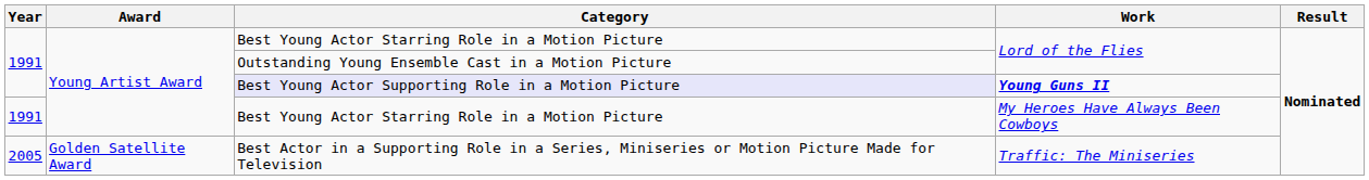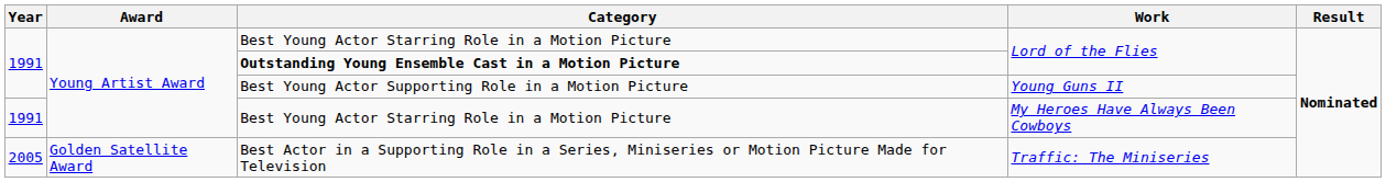 <table class="wikitable">
 <tr>
 <th>Year</th>
 <th>Award</th>
 <th>Category</th>
 <th>Work</th>
 <th>Result</th>
 </tr>
 <tr>
 <td rowspan=3><a href='#'>1991</a></td>
 <td rowspan=4><a href='#'>Young Artist Award</a></td>
 <td>Best Young Actor Starring Role in a Motion Picture</td>
 <td rowspan=2><em><a href='#'>Lord of the Flies</a></em></td>
 <td rowspan=5><strong>Nominated</strong></td>
 </tr>
 <tr>
-<td>Outstanding Young Ensemble Cast in a Motion Picture</td>
+<td><strong>Outstanding Young Ensemble Cast in a Motion Picture</strong></td>
 </tr>
 <tr>
-<td style="background: lavender;">Best Young Actor Supporting Role in a Motion Picture</td>
-<td><strong><em><a href='#'>Young Guns II</a></em></strong></td>
+<td>Best Young Actor Supporting Role in a Motion Picture</td>
+<td><em><a href='#'>Young Guns II</a></em></td>
 </tr>
 <tr>
 <td><a href='#'>1991</a></td>
 <td>Best Young Actor Starring Role in a Motion Picture</td>
 <td><em><a href='#'>My Heroes Have Always Been Cowboys</a></em></td>
 </tr>
 <tr>
 <td><a href='#'>2005</a></td>
 <td><a href='#'>Golden Satellite Award</a></td>
 <td>Best Actor in a Supporting Role in a Series, Miniseries or Motion Picture Made for Television</td>
 <td><em><a href='#'>Traffic: The Miniseries</a></em></td>
 </tr>
 <tr>
 </tr>
 </table>
